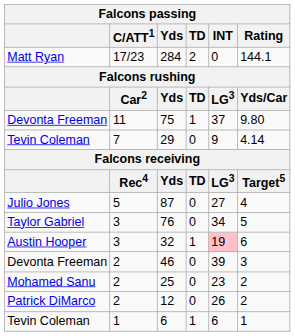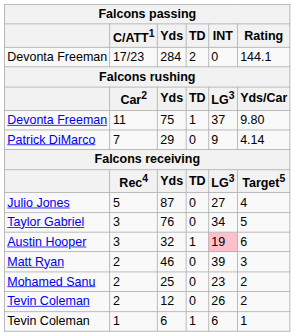 <table class="wikitable">
 <tr>
 <th colspan="6">Falcons passing</th>
 </tr>
 <tr>
 <th></th>
 <th>C/ATT<sup>1</sup></th>
 <th>Yds</th>
 <th>TD</th>
 <th>INT</th>
 <th>Rating</th>
 </tr>
 <tr>
-<td><a href='#'>Matt Ryan</a></td>
+<td>Devonta Freeman</td>
 <td>17/23</td>
 <td>284</td>
 <td>2</td>
 <td>0</td>
 <td>144.1</td>
 </tr>
 <tr>
 <th colspan="6">Falcons rushing</th>
 </tr>
 <tr>
 <th></th>
 <th>Car<sup>2</sup></th>
 <th>Yds</th>
 <th>TD</th>
 <th>LG<sup>3</sup></th>
 <th>Yds/Car</th>
 </tr>
 <tr>
 <td><a href='#'>Devonta Freeman</a></td>
 <td>11</td>
 <td>75</td>
 <td>1</td>
 <td>37</td>
 <td>9.80</td>
 </tr>
 <tr>
-<td><a href='#'>Tevin Coleman</a></td>
+<td><a href='#'>Patrick DiMarco</a></td>
 <td>7</td>
 <td>29</td>
 <td>0</td>
 <td>9</td>
 <td>4.14</td>
 </tr>
 <tr>
 <th colspan="6">Falcons receiving</th>
 </tr>
 <tr>
 <th></th>
 <th>Rec<sup>4</sup></th>
 <th>Yds</th>
 <th>TD</th>
 <th>LG<sup>3</sup></th>
 <th>Target<sup>5</sup></th>
 </tr>
 <tr>
 <td><a href='#'>Julio Jones</a></td>
 <td>5</td>
 <td>87</td>
 <td>0</td>
 <td>27</td>
 <td>4</td>
 </tr>
 <tr>
 <td><a href='#'>Taylor Gabriel</a></td>
 <td>3</td>
 <td>76</td>
 <td>0</td>
 <td>34</td>
 <td>5</td>
 </tr>
 <tr>
 <td><a href='#'>Austin Hooper</a></td>
 <td>3</td>
 <td>32</td>
 <td>1</td>
 <td style="background: pink;">19</td>
 <td>6</td>
 </tr>
 <tr>
-<td>Devonta Freeman</td>
+<td><a href='#'>Matt Ryan</a></td>
 <td>2</td>
 <td>46</td>
 <td>0</td>
 <td>39</td>
 <td>3</td>
 </tr>
 <tr>
 <td><a href='#'>Mohamed Sanu</a></td>
 <td>2</td>
 <td>25</td>
 <td>0</td>
 <td>23</td>
 <td>2</td>
 </tr>
 <tr>
-<td><a href='#'>Patrick DiMarco</a></td>
+<td><a href='#'>Tevin Coleman</a></td>
 <td>2</td>
 <td>12</td>
 <td>0</td>
 <td>26</td>
 <td>2</td>
 </tr>
 <tr>
 <td>Tevin Coleman</td>
 <td>1</td>
 <td>6</td>
 <td>1</td>
 <td>6</td>
 <td>1</td>
 </tr>
 </table>
